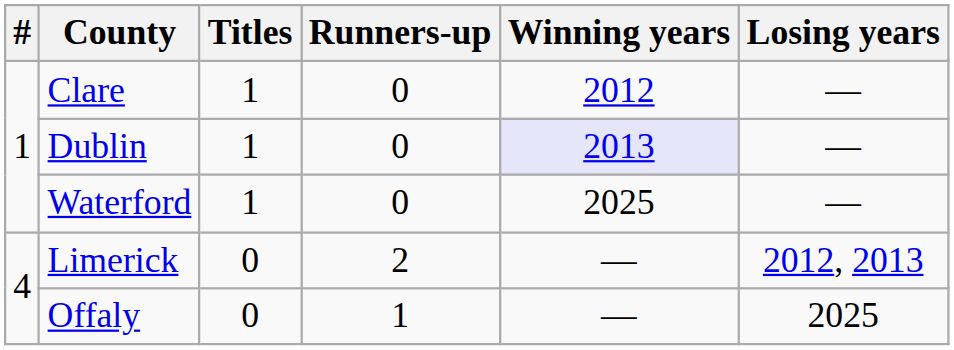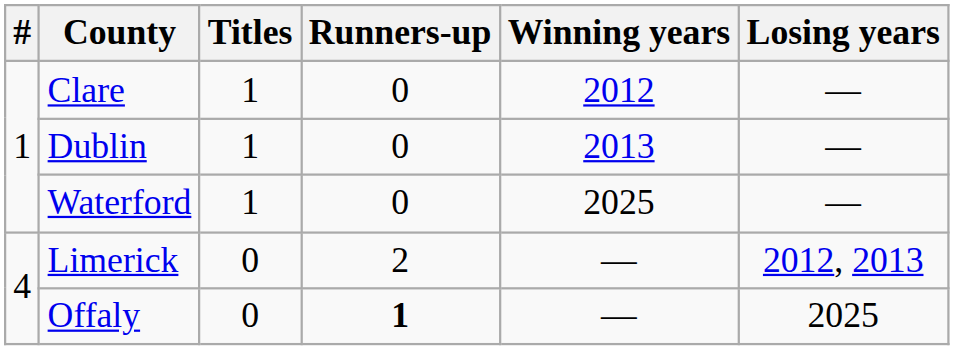 <table class="wikitable sortable"  style="text-align:center">
 <tr>
 <th>#</th>
 <th>County</th>
 <th>Titles</th>
 <th>Runners-up</th>
 <th>Winning years</th>
 <th>Losing years</th>
 </tr>
 <tr>
 <td rowspan="3">1</td>
 <td style="text-align:left"> <a href='#'>Clare</a></td>
 <td>1</td>
 <td>0</td>
 <td><a href='#'>2012</a></td>
 <td>—</td>
 </tr>
 <tr>
 <td style="text-align:left"> <a href='#'>Dublin</a></td>
 <td>1</td>
 <td>0</td>
-<td style="background: lavender;"><a href='#'>2013</a></td>
+<td><a href='#'>2013</a></td>
 <td>—</td>
 </tr>
 <tr>
 <td style="text-align:left"> <a href='#'>Waterford</a></td>
 <td>1</td>
 <td>0</td>
 <td>2025</td>
 <td>—</td>
 </tr>
 <tr>
 <td rowspan="2">4</td>
 <td style="text-align:left"> <a href='#'>Limerick</a></td>
 <td>0</td>
 <td>2</td>
 <td>—</td>
 <td><a href='#'>2012</a>, <a href='#'>2013</a></td>
 </tr>
 <tr>
 <td style="text-align:left"> <a href='#'>Offaly</a></td>
 <td>0</td>
-<td>1</td>
+<td><strong>1</strong></td>
 <td>—</td>
 <td>2025</td>
 </tr>
 </table>
